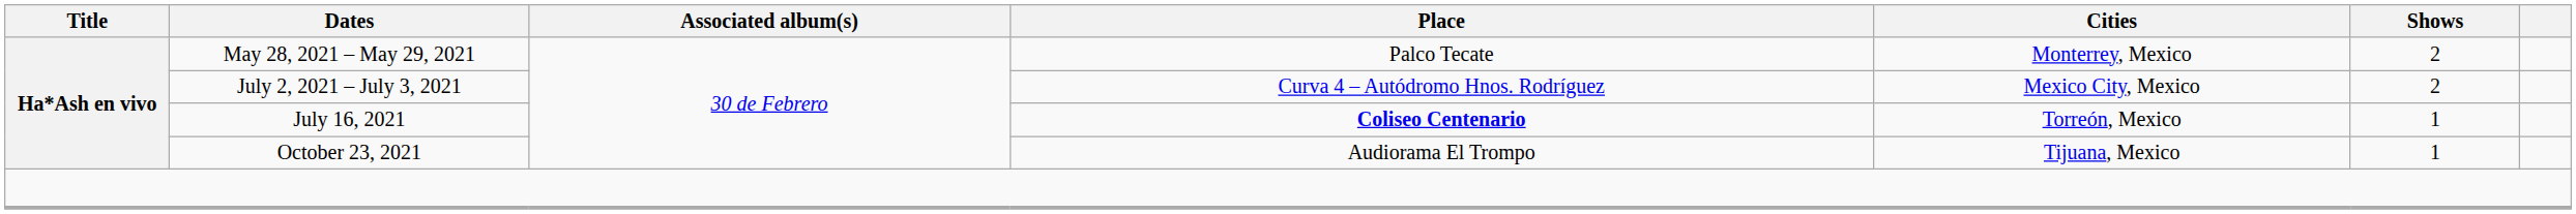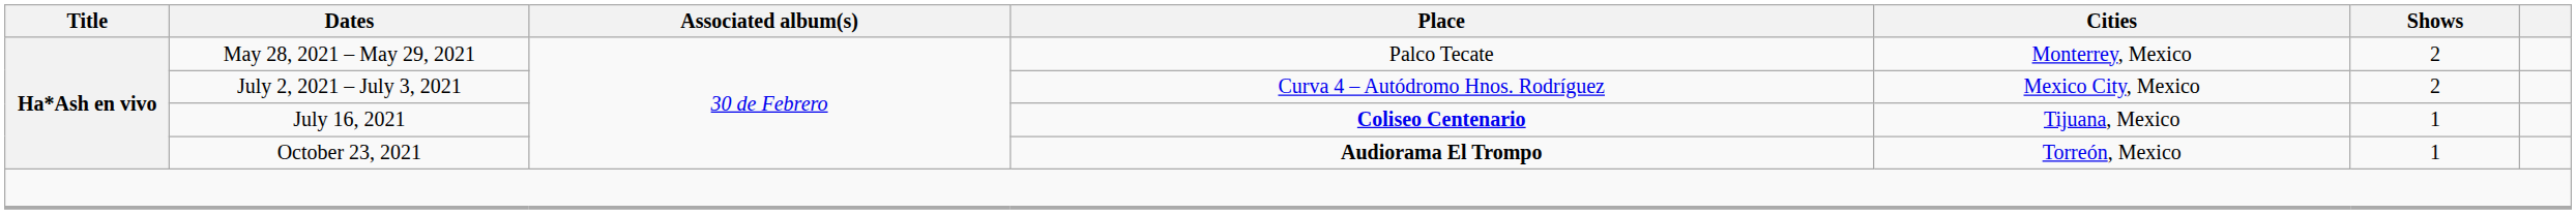 <table class="wikitable sortable plainrowheaders" style="text-align:center;" width="100%">
 <tr>
 <th align="left" valign="top" width="120">Title</th>
 <th scope="col" width="14%">Dates</th>
 <th scope="col">Associated album(s)</th>
 <th scope="col">Place</th>
 <th>Cities</th>
 <th scope="col">Shows</th>
 <th scope="col" width="2%" class="unsortable"></th>
 </tr>
 <tr>
 <th rowspan="4" scope="row">Ha*Ash en vivo</th>
 <td>May 28, 2021  – May 29, 2021</td>
 <td rowspan="4"><em><a href='#'>30 de Febrero</a></em></td>
 <td>Palco Tecate</td>
 <td><a href='#'>Monterrey</a>, Mexico</td>
 <td>2</td>
 <td></td>
 </tr>
 <tr>
 <td>July 2, 2021  – July 3, 2021</td>
 <td><a href='#'>Curva 4 – Autódromo Hnos. Rodríguez</a></td>
 <td><a href='#'>Mexico City</a>, Mexico</td>
 <td>2</td>
 <td></td>
 </tr>
 <tr>
 <td>July 16, 2021</td>
 <td><strong><a href='#'>Coliseo Centenario</a></strong></td>
-<td><a href='#'>Torreón</a>, Mexico</td>
+<td><a href='#'>Tijuana</a>, Mexico</td>
 <td>1</td>
 <td></td>
 </tr>
 <tr>
 <td>October 23, 2021</td>
-<td>Audiorama El Trompo</td>
-<td><a href='#'>Tijuana</a>, Mexico</td>
+<td><strong>Audiorama El Trompo</strong></td>
+<td><a href='#'>Torreón</a>, Mexico</td>
 <td>1</td>
 <td></td>
 </tr>
 <tr class="expand-child">
 <td colspan="7" style="border-bottom-width:3px; padding:5px;"><br></td>
 </tr>
 </table>
